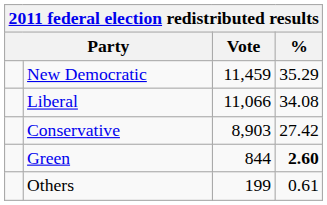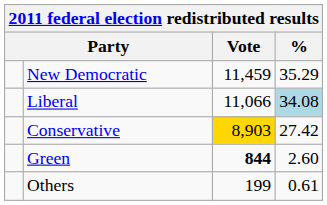 <table class="wikitable">
 <tr>
 <th colspan="4"><a href='#'>2011 federal election</a> redistributed results</th>
 </tr>
 <tr>
 <th bgcolor="#DDDDFF" width="130px" colspan="2">Party</th>
 <th bgcolor="#DDDDFF" width="50px">Vote</th>
 <th bgcolor="#DDDDFF" width="30px">%</th>
 </tr>
 <tr>
 <td> </td>
 <td><a href='#'>New Democratic</a></td>
 <td align="right">11,459</td>
 <td align="right">35.29</td>
 </tr>
 <tr>
 <td> </td>
 <td><a href='#'>Liberal</a></td>
 <td align="right">11,066</td>
-<td align="right">34.08</td>
+<td align="right" style="background: lightblue;">34.08</td>
 </tr>
 <tr>
 <td> </td>
 <td><a href='#'>Conservative</a></td>
-<td align="right">8,903</td>
+<td align="right" style="background: gold;">8,903</td>
 <td align="right">27.42</td>
 </tr>
 <tr>
 <td> </td>
 <td><a href='#'>Green</a></td>
-<td align="right">844</td>
-<td align="right"><strong>2.60</strong></td>
+<td align="right"><strong>844</strong></td>
+<td align="right">2.60</td>
 </tr>
 <tr>
 <td> </td>
 <td>Others</td>
 <td align="right">199</td>
 <td align="right">0.61</td>
 </tr>
 </table>
